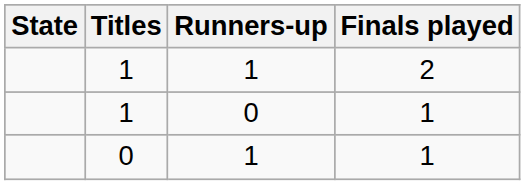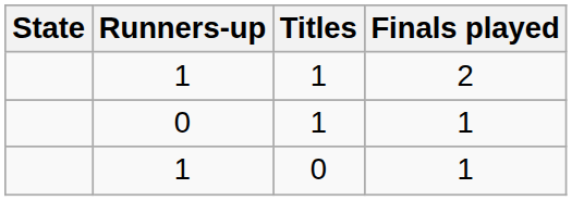 <table class="wikitable sortable">
 <tr>
 <th>State</th>
+<th>Runners-up</th>
 <th>Titles</th>
-<th>Runners-up</th>
 <th>Finals played</th>
 </tr>
 <tr>
 <td></td>
 <td align="center">1</td>
 <td align="center">1</td>
 <td align="center">2</td>
 </tr>
 <tr>
 <td></td>
+<td align="center">0</td>
+<td align="center">1</td>
+<td align="center">1</td>
+</tr>
+<tr>
+<td></td>
 <td align="center">1</td>
 <td align="center">0</td>
 <td align="center">1</td>
 </tr>
-<tr>
-<td></td>
-<td align="center">0</td>
-<td align="center">1</td>
-<td align="center">1</td>
-</tr>
 </table>
